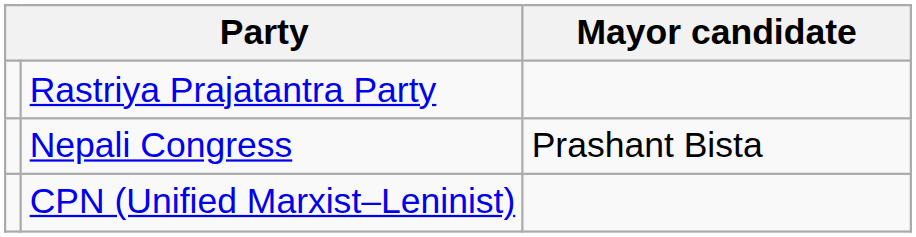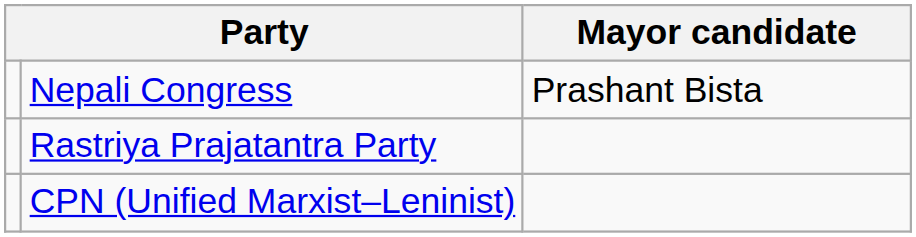 <table class="wikitable">
 <tr>
 <th colspan="2">Party</th>
 <th style="width: 125pt;">Mayor candidate</th>
+</tr>
+<tr>
+<td style="background-color:"></td>
+<td><a href='#'>Nepali Congress</a></td>
+<td>Prashant Bista</td>
 </tr>
 <tr>
 <td style="background-color:"></td>
 <td><a href='#'>Rastriya Prajatantra Party</a></td>
 <td></td>
 </tr>
 <tr>
 <td style="background-color:"></td>
-<td><a href='#'>Nepali Congress</a></td>
-<td>Prashant Bista</td>
-</tr>
-<tr>
-<td style="background-color:"></td>
 <td><a href='#'>CPN (Unified Marxist–Leninist)</a></td>
 <td></td>
 </tr>
 </table>
